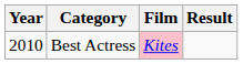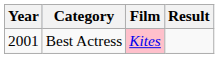 <table class="wikitable">
 <tr style="background:#b0c4de;">
 <th>Year</th>
 <th>Category</th>
 <th>Film</th>
 <th>Result</th>
 </tr>
 <tr>
-<td>2010</td>
+<td>2001</td>
 <td>Best Actress</td>
 <td style="background: pink;"><em><a href='#'>Kites</a></em></td>
 <td></td>
 </tr>
 </table>
